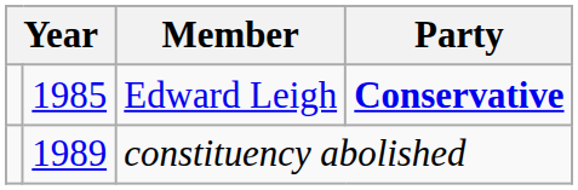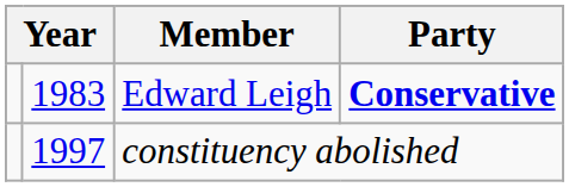 <table class="wikitable">
 <tr>
 <th colspan="2">Year</th>
 <th>Member</th>
 <th>Party</th>
 </tr>
 <tr>
 <td style="color:inherit;background-color: "></td>
-<td><a href='#'>1985</a></td>
+<td><a href='#'>1983</a></td>
 <td><a href='#'>Edward Leigh</a></td>
 <td><strong><a href='#'>Conservative</a></strong></td>
 </tr>
 <tr>
 <td></td>
-<td><a href='#'>1989</a></td>
+<td><a href='#'>1997</a></td>
 <td colspan="2"><em>constituency abolished</em></td>
 </tr>
 </table>
